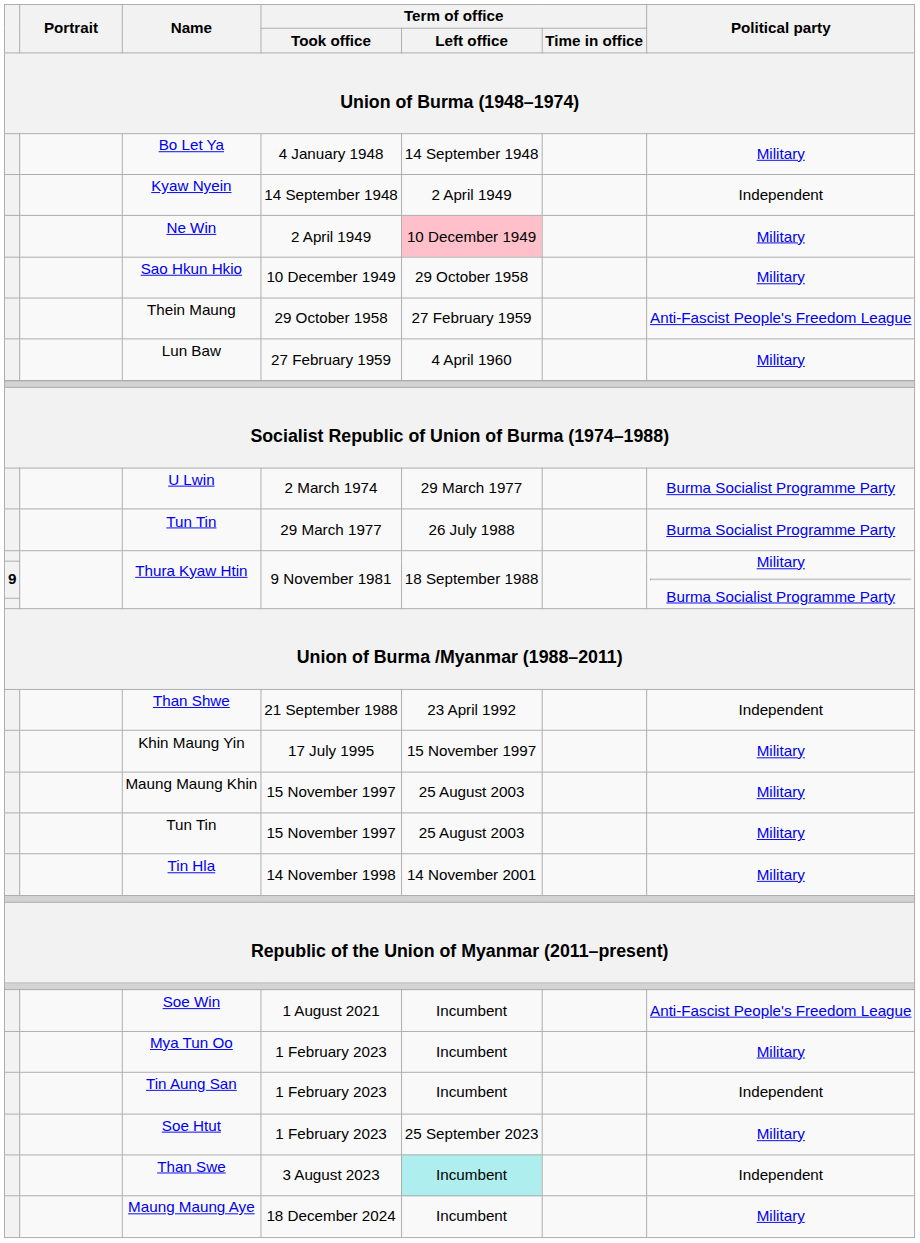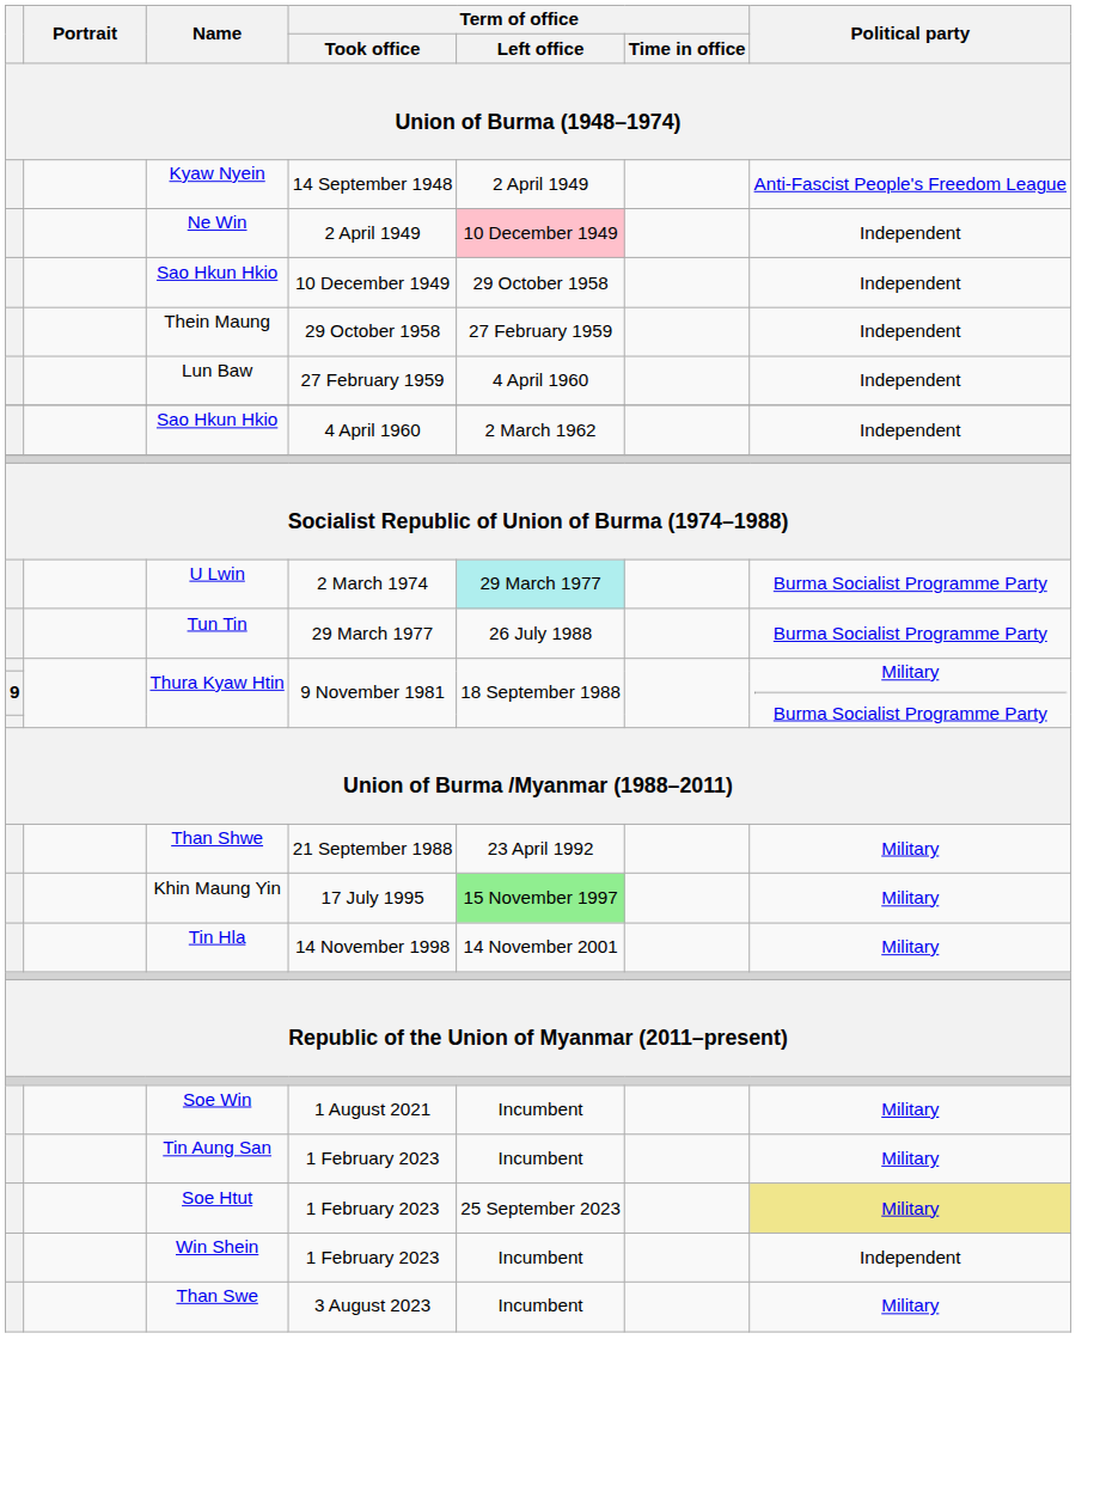 <table class="wikitable" style="text-align:center">
 <tr>
 <th rowspan="2"></th>
 <th rowspan="2" width="100px">Portrait</th>
 <th rowspan="2">Name<br></th>
 <th colspan="3">Term of office</th>
 <th rowspan="2">Political party</th>
 </tr>
 <tr>
 <th>Took office</th>
 <th>Left office</th>
 <th>Time in office</th>
 </tr>
 <tr>
 <th colspan="7"><br><h3>Union of Burma (1948–1974)</h3></th>
 </tr>
 <tr>
 <th> </th>
 <td></td>
-<td><a href='#'>Bo Let Ya</a><br><br></td>
-<td>4 January 1948</td>
-<td>14 September 1948</td>
-<td></td>
-<td><a href='#'>Military</a></td>
-</tr>
-<tr>
-<th> </th>
-<td></td>
 <td><a href='#'>Kyaw Nyein</a><br><br></td>
 <td>14 September 1948</td>
 <td>2 April 1949</td>
 <td></td>
-<td>Independent</td>
+<td><a href='#'>Anti-Fascist People's Freedom League</a></td>
 </tr>
 <tr>
 <th> </th>
 <td></td>
 <td><a href='#'>Ne Win</a><br><br></td>
 <td>2 April 1949</td>
 <td style="background: pink;">10 December 1949</td>
 <td></td>
-<td><a href='#'>Military</a></td>
+<td>Independent</td>
 </tr>
 <tr>
 <th> </th>
 <td></td>
 <td><a href='#'>Sao Hkun Hkio</a><br><br></td>
 <td>10 December 1949</td>
 <td>29 October 1958</td>
 <td></td>
-<td><a href='#'>Military</a></td>
+<td>Independent</td>
 </tr>
 <tr>
 <th> </th>
 <td></td>
 <td>Thein Maung<br><br></td>
 <td>29 October 1958</td>
 <td>27 February 1959</td>
 <td></td>
-<td><a href='#'>Anti-Fascist People's Freedom League</a></td>
+<td>Independent</td>
 </tr>
 <tr>
 <th> </th>
 <td></td>
 <td>Lun Baw<br><br></td>
 <td>27 February 1959</td>
 <td>4 April 1960</td>
 <td></td>
-<td><a href='#'>Military</a></td>
+<td>Independent</td>
 </tr>
 <tr>
+</tr>
+<tr>
+<th> </th>
+<td></td>
+<td><a href='#'>Sao Hkun Hkio</a><br><br></td>
+<td>4 April 1960</td>
+<td>2 March 1962<br></td>
+<td></td>
+<td>Independent</td>
 </tr>
 <tr>
 </tr>
 <tr>
 <td colspan="7" bgcolor="lightgrey"></td>
 </tr>
 <tr>
 <th colspan="7"><br><h3>Socialist Republic of Union of Burma (1974–1988)</h3></th>
 </tr>
 <tr>
 <th> </th>
 <td></td>
 <td><a href='#'>U Lwin</a><br><br></td>
 <td>2 March 1974</td>
-<td>29 March 1977</td>
+<td style="background: paleturquoise;">29 March 1977</td>
 <td></td>
 <td><a href='#'>Burma Socialist Programme Party</a></td>
 </tr>
 <tr>
 <th> </th>
 <td></td>
 <td><a href='#'>Tun Tin</a><br><br></td>
 <td>29 March 1977</td>
 <td>26 July 1988<br></td>
 <td></td>
 <td><a href='#'>Burma Socialist Programme Party</a></td>
 </tr>
 <tr>
 <th style="background:"></th>
 <td rowspan="3"></td>
 <td rowspan="3"><a href='#'>Thura Kyaw Htin</a><br><br></td>
 <td rowspan="3">9 November 1981</td>
 <td rowspan="3">18 September 1988<br></td>
 <td rowspan="3"></td>
 <td rowspan="3"><a href='#'>Military</a><br> <hr> <a href='#'>Burma Socialist Programme Party</a><br></td>
 </tr>
 <tr>
 <th>9</th>
 </tr>
 <tr>
 <th style="background:"></th>
 </tr>
 <tr>
 <th colspan="7"><br><h3>Union of Burma /Myanmar (1988–2011)</h3></th>
 </tr>
 <tr>
 <th> </th>
 <td></td>
 <td><a href='#'>Than Shwe</a><br><br></td>
 <td>21 September 1988</td>
 <td>23 April 1992</td>
 <td></td>
-<td>Independent</td>
+<td><a href='#'>Military</a></td>
 </tr>
 <tr>
 <th> </th>
 <td></td>
 <td>Khin Maung Yin<br><br></td>
 <td>17 July 1995</td>
-<td>15 November 1997</td>
-<td></td>
-<td><a href='#'>Military</a></td>
-</tr>
-<tr>
-<th> </th>
-<td></td>
-<td>Maung Maung Khin<br><br></td>
-<td>15 November 1997</td>
-<td>25 August 2003</td>
-<td></td>
-<td><a href='#'>Military</a></td>
-</tr>
-<tr>
-<th> </th>
-<td></td>
-<td>Tun Tin<br><br></td>
-<td>15 November 1997</td>
-<td>25 August 2003</td>
+<td style="background: lightgreen;">15 November 1997</td>
 <td></td>
 <td><a href='#'>Military</a></td>
 </tr>
 <tr>
 <th> </th>
 <td></td>
 <td><a href='#'>Tin Hla</a><br><br></td>
 <td>14 November 1998</td>
 <td>14 November 2001</td>
 <td></td>
 <td><a href='#'>Military</a></td>
 </tr>
 <tr>
 <td colspan="7" bgcolor="lightgrey"></td>
 </tr>
 <tr>
 <th colspan="7"><br><h3>Republic of the Union of Myanmar (2011–present)</h3></th>
 </tr>
 <tr>
 <td colspan="7" bgcolor="lightgrey"></td>
 </tr>
 <tr>
 <th> </th>
 <td></td>
 <td><a href='#'>Soe Win</a><br><br></td>
 <td>1 August 2021</td>
 <td>Incumbent</td>
 <td></td>
-<td><a href='#'>Anti-Fascist People's Freedom League</a></td>
-</tr>
-<tr>
-<th> </th>
-<td></td>
-<td><a href='#'>Mya Tun Oo</a><br><br></td>
-<td>1 February 2023</td>
-<td>Incumbent</td>
-<td></td>
 <td><a href='#'>Military</a></td>
 </tr>
 <tr>
 <th> </th>
 <td></td>
 <td><a href='#'>Tin Aung San</a><br><br></td>
 <td>1 February 2023</td>
 <td>Incumbent</td>
 <td></td>
-<td>Independent</td>
+<td><a href='#'>Military</a></td>
 </tr>
 <tr>
 <th> </th>
 <td></td>
 <td><a href='#'>Soe Htut</a><br><br></td>
 <td>1 February 2023</td>
 <td>25 September 2023</td>
 <td></td>
-<td><a href='#'>Military</a></td>
+<td style="background: khaki;"><a href='#'>Military</a></td>
+</tr>
+<tr>
+<th> </th>
+<td></td>
+<td><a href='#'>Win Shein</a><br><br></td>
+<td>1 February 2023</td>
+<td>Incumbent</td>
+<td></td>
+<td>Independent</td>
 </tr>
 <tr>
 <th> </th>
 <td></td>
 <td><a href='#'>Than Swe</a><br><br></td>
 <td>3 August 2023</td>
-<td style="background: paleturquoise;">Incumbent</td>
-<td></td>
-<td>Independent</td>
-</tr>
-<tr>
-<th> </th>
-<td></td>
-<td><a href='#'>Maung Maung Aye</a><br><br></td>
-<td>18 December 2024</td>
 <td>Incumbent</td>
 <td></td>
 <td><a href='#'>Military</a></td>
 </tr>
 </table>
